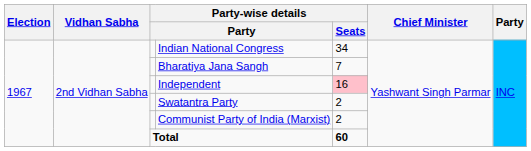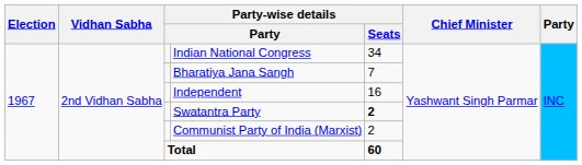 <table class="wikitable sortable">
 <tr>
 <th rowspan="2"><a href='#'>Election</a></th>
 <th rowspan="2"><a href='#'>Vidhan Sabha</a></th>
 <th colspan="3">Party-wise details</th>
 <th rowspan="2"><a href='#'>Chief Minister</a></th>
 <th rowspan="2">Party</th>
 </tr>
 <tr>
 <th colspan="2">Party</th>
 <th><a href='#'>Seats</a></th>
 </tr>
 <tr>
 <td rowspan="6"><a href='#'>1967</a></td>
 <td rowspan="6"><a href='#'>2nd Vidhan Sabha</a></td>
 <td style="background-color: "></td>
 <td><a href='#'>Indian National Congress</a></td>
 <td>34</td>
 <td rowspan="6"><a href='#'>Yashwant Singh Parmar</a></td>
 <td rowspan="6" bgcolor="#00BFFF"><a href='#'>INC</a></td>
 </tr>
 <tr>
 <td style="background-color: "></td>
 <td><a href='#'>Bharatiya Jana Sangh</a></td>
 <td>7</td>
 </tr>
 <tr>
 <td style="background-color: "></td>
 <td><a href='#'>Independent</a></td>
-<td style="background: pink;">16</td>
+<td>16</td>
 </tr>
 <tr>
 <td style="background-color: "></td>
 <td><a href='#'>Swatantra Party</a></td>
-<td>2</td>
+<td><strong>2</strong></td>
 </tr>
 <tr>
 <td style="background-color: "></td>
 <td><a href='#'>Communist Party of India (Marxist)</a></td>
 <td>2</td>
 </tr>
 <tr>
 <td colspan="2"><strong>Total</strong></td>
 <td><strong>60</strong></td>
 </tr>
 </table>
